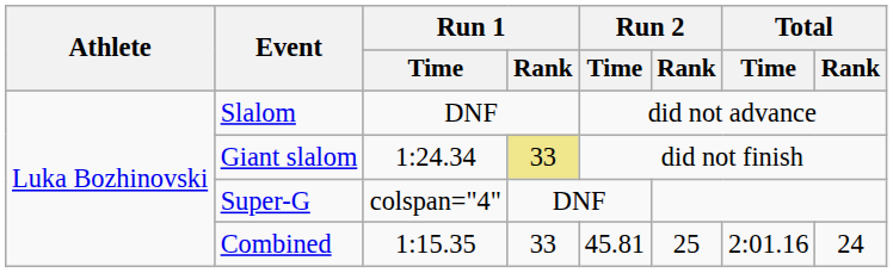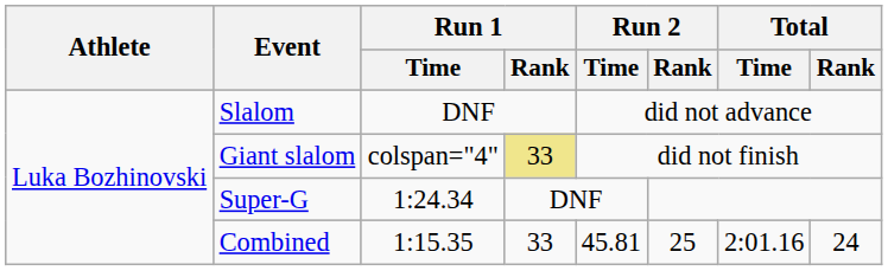 <table class="wikitable" style="font-size:90%">
 <tr>
 <th rowspan=2>Athlete</th>
 <th rowspan=2>Event</th>
 <th colspan=2>Run 1</th>
 <th colspan=2>Run 2</th>
 <th colspan=2>Total</th>
 </tr>
 <tr style="font-size:95%">
 <th>Time</th>
 <th>Rank</th>
 <th>Time</th>
 <th>Rank</th>
 <th>Time</th>
 <th>Rank</th>
 </tr>
 <tr align=center>
 <td align="left" rowspan="4"><a href='#'>Luka Bozhinovski</a></td>
 <td align="left"><a href='#'>Slalom</a></td>
 <td colspan=2>DNF</td>
 <td colspan=4>did not advance</td>
 </tr>
 <tr align=center>
 <td align="left"><a href='#'>Giant slalom</a></td>
-<td>1:24.34</td>
+<td>colspan="4" </td>
 <td style="background: khaki;">33</td>
 <td colspan=4>did not finish</td>
 </tr>
 <tr align=center>
 <td align="left"><a href='#'>Super-G</a></td>
-<td>colspan="4" </td>
+<td>1:24.34</td>
 <td colspan=2>DNF</td>
 </tr>
 <tr align=center>
 <td align="left"><a href='#'>Combined</a></td>
 <td>1:15.35</td>
 <td>33</td>
 <td>45.81</td>
 <td>25</td>
 <td>2:01.16</td>
 <td>24</td>
 </tr>
 </table>
